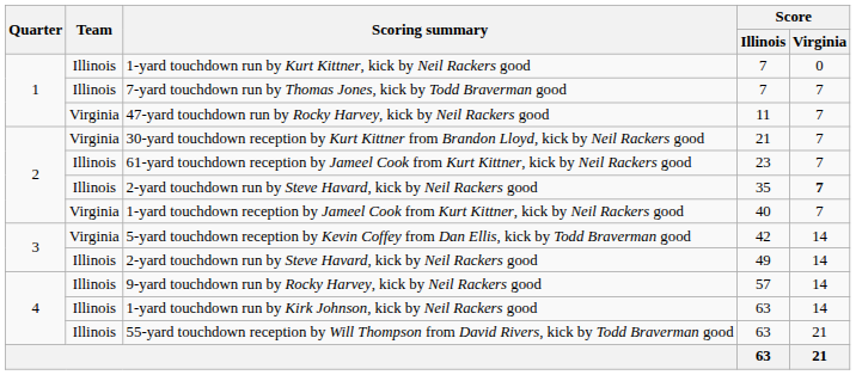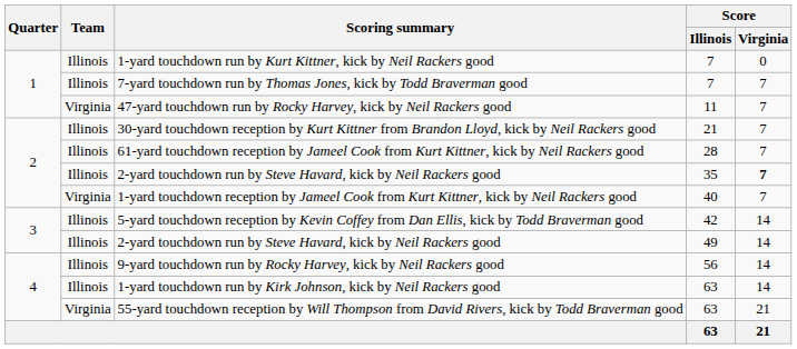 <table class="wikitable" style="text-align: center;">
 <tr>
 <th rowspan=2>Quarter</th>
 <th rowspan=2>Team</th>
 <th rowspan=2>Scoring summary</th>
 <th colspan=2>Score</th>
 </tr>
 <tr>
 <th>Illinois</th>
 <th>Virginia</th>
 </tr>
 <tr>
 <td rowspan=3>1</td>
 <td>Illinois</td>
 <td align=left>1-yard touchdown run by <em>Kurt Kittner</em>, kick by <em>Neil Rackers</em> good</td>
 <td>7</td>
 <td>0</td>
 </tr>
 <tr>
 <td>Illinois</td>
 <td align=left>7-yard touchdown run by <em>Thomas Jones</em>, kick by <em>Todd Braverman</em> good</td>
 <td>7</td>
 <td>7</td>
 </tr>
 <tr>
 <td>Virginia</td>
 <td align=left>47-yard touchdown run by <em>Rocky Harvey</em>, kick by <em>Neil Rackers</em> good</td>
 <td>11</td>
 <td>7</td>
 </tr>
 <tr>
 <td rowspan=4>2</td>
-<td>Virginia</td>
+<td>Illinois</td>
 <td align=left>30-yard touchdown reception by <em>Kurt Kittner</em> from <em>Brandon Lloyd</em>, kick by <em>Neil Rackers</em> good</td>
 <td>21</td>
 <td>7</td>
 </tr>
 <tr>
 <td>Illinois</td>
 <td align=left>61-yard touchdown reception by <em>Jameel Cook</em> from <em>Kurt Kittner</em>, kick by <em>Neil Rackers</em> good</td>
-<td>23</td>
+<td>28</td>
 <td>7</td>
 </tr>
 <tr>
 <td>Illinois</td>
 <td align=left>2-yard touchdown run by <em>Steve Havard</em>, kick by <em>Neil Rackers</em> good</td>
 <td>35</td>
 <td><strong>7</strong></td>
 </tr>
 <tr>
 <td>Virginia</td>
 <td align=left>1-yard touchdown reception by <em>Jameel Cook</em> from <em>Kurt Kittner</em>, kick by <em>Neil Rackers</em> good</td>
 <td>40</td>
 <td>7</td>
 </tr>
 <tr>
 <td rowspan=2>3</td>
-<td>Virginia</td>
+<td>Illinois</td>
 <td align=left>5-yard touchdown reception by <em>Kevin Coffey</em> from <em>Dan Ellis</em>, kick by <em>Todd Braverman</em> good</td>
 <td>42</td>
 <td>14</td>
 </tr>
 <tr>
 <td>Illinois</td>
 <td align=left>2-yard touchdown run by <em>Steve Havard</em>, kick by <em>Neil Rackers</em> good</td>
 <td>49</td>
 <td>14</td>
 </tr>
 <tr>
 <td rowspan=3>4</td>
 <td>Illinois</td>
 <td align=left>9-yard touchdown run by <em>Rocky Harvey</em>, kick by <em>Neil Rackers</em> good</td>
-<td>57</td>
+<td>56</td>
 <td>14</td>
 </tr>
 <tr>
 <td>Illinois</td>
 <td align=left>1-yard touchdown run by <em>Kirk Johnson</em>, kick by <em>Neil Rackers</em> good</td>
 <td>63</td>
 <td>14</td>
 </tr>
 <tr>
-<td>Illinois</td>
+<td>Virginia</td>
 <td align=left>55-yard touchdown reception by <em>Will Thompson</em> from <em>David Rivers</em>, kick by <em>Todd Braverman</em> good</td>
 <td>63</td>
 <td>21</td>
 </tr>
 <tr>
 <th colspan=3></th>
 <th>63</th>
 <th>21</th>
 </tr>
 </table>
